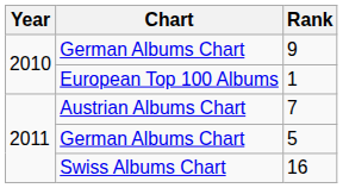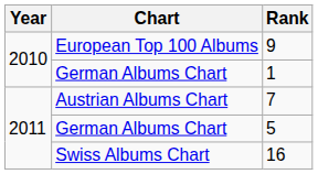 <table class="wikitable">
 <tr>
 <th>Year</th>
 <th>Chart</th>
 <th>Rank</th>
 </tr>
 <tr>
 <td rowspan="2">2010</td>
-<td><a href='#'>German Albums Chart</a></td>
+<td><a href='#'>European Top 100 Albums</a></td>
 <td>9</td>
 </tr>
 <tr>
-<td><a href='#'>European Top 100 Albums</a></td>
+<td><a href='#'>German Albums Chart</a></td>
 <td>1</td>
 </tr>
 <tr>
 <td rowspan="3">2011</td>
 <td><a href='#'>Austrian Albums Chart</a></td>
 <td>7</td>
 </tr>
 <tr>
 <td><a href='#'>German Albums Chart</a></td>
 <td>5</td>
 </tr>
 <tr>
 <td><a href='#'>Swiss Albums Chart</a></td>
 <td>16</td>
 </tr>
 </table>
